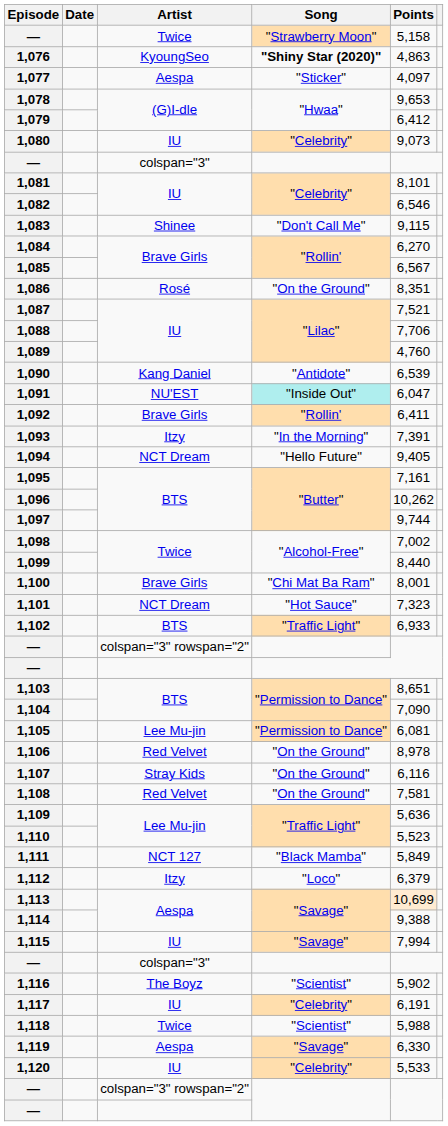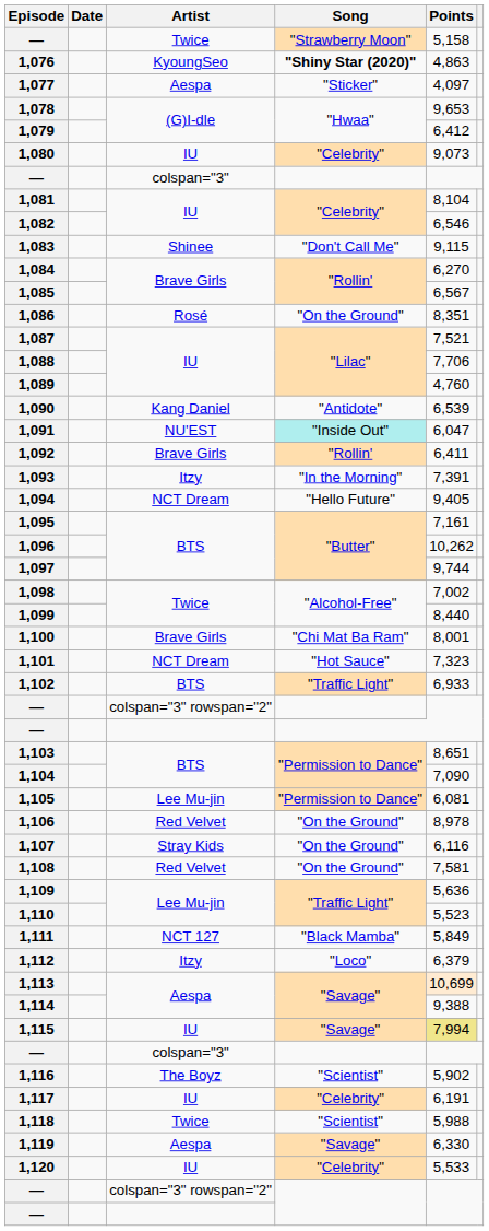 <table class="wikitable plainrowheaders sortable" style="text-align:center">
 <tr>
 <th scope="col">Episode</th>
 <th scope="col">Date</th>
 <th scope="col">Artist</th>
 <th scope="col">Song</th>
 <th scope="col">Points</th>
 <th scope="col" class="unsortable"></th>
 </tr>
 <tr>
 <th scope="row">—</th>
 <td></td>
 <td><a href='#'>Twice</a></td>
 <td style="background-color:#FFDEAD">"<a href='#'>Strawberry Moon</a>" </td>
 <td>5,158</td>
 <td></td>
 </tr>
 <tr>
 <th scope="row">1,076</th>
 <td></td>
 <td><a href='#'>KyoungSeo</a></td>
 <td><strong>"Shiny Star (2020)"</strong></td>
 <td>4,863</td>
 <td></td>
 </tr>
 <tr>
 <th scope="row">1,077</th>
 <td></td>
 <td><a href='#'>Aespa</a></td>
 <td>"<a href='#'>Sticker</a>"</td>
 <td>4,097</td>
 <td></td>
 </tr>
 <tr>
 <th scope="row">1,078</th>
 <td></td>
 <td rowspan="2" data-sort-value="GI-dle"><a href='#'>(G)I-dle</a></td>
 <td rowspan="2">"<a href='#'>Hwaa</a>"</td>
 <td>9,653</td>
 <td></td>
 </tr>
 <tr>
 <th scope="row">1,079</th>
 <td></td>
 <td>6,412</td>
 <td></td>
 </tr>
 <tr>
 <th scope="row">1,080</th>
 <td></td>
 <td><a href='#'>IU</a></td>
 <td style="background-color:#FFDEAD">"<a href='#'>Celebrity</a>" </td>
 <td>9,073</td>
 <td></td>
 </tr>
 <tr>
 <th scope="row">—</th>
 <td></td>
 <td>colspan="3" </td>
 <td></td>
 </tr>
 <tr>
 <th scope="row">1,081</th>
 <td></td>
 <td rowspan="2"><a href='#'>IU</a></td>
 <td style="background-color:#FFDEAD" rowspan="2">"<a href='#'>Celebrity</a>" </td>
-<td>8,101</td>
+<td>8,104</td>
 <td></td>
 </tr>
 <tr>
 <th scope="row">1,082</th>
 <td></td>
 <td>6,546</td>
 <td></td>
 </tr>
 <tr>
 <th scope="row">1,083</th>
 <td></td>
 <td><a href='#'>Shinee</a></td>
 <td>"<a href='#'>Don't Call Me</a>"</td>
 <td>9,115</td>
 <td></td>
 </tr>
 <tr>
 <th scope="row">1,084</th>
 <td></td>
 <td rowspan="2"><a href='#'>Brave Girls</a></td>
 <td style="background-color:#FFDEAD" rowspan="2">"<a href='#'>Rollin'</a> </td>
 <td>6,270</td>
 <td></td>
 </tr>
 <tr>
 <th scope="row">1,085</th>
 <td></td>
 <td>6,567</td>
 <td></td>
 </tr>
 <tr>
 <th scope="row">1,086</th>
 <td></td>
 <td><a href='#'>Rosé</a></td>
 <td>"<a href='#'>On the Ground</a>"</td>
 <td>8,351</td>
 <td></td>
 </tr>
 <tr>
 <th scope="row">1,087</th>
 <td></td>
 <td rowspan="3"><a href='#'>IU</a></td>
 <td rowspan="3" style="background-color:#FFDEAD">"<a href='#'>Lilac</a>" </td>
 <td>7,521</td>
 <td></td>
 </tr>
 <tr>
 <th scope="row">1,088</th>
 <td></td>
 <td>7,706</td>
 <td></td>
 </tr>
 <tr>
 <th scope="row">1,089</th>
 <td></td>
 <td>4,760</td>
 <td></td>
 </tr>
 <tr>
 <th scope="row">1,090</th>
 <td></td>
 <td><a href='#'>Kang Daniel</a></td>
 <td>"<a href='#'>Antidote</a>"</td>
 <td>6,539</td>
 <td></td>
 </tr>
 <tr>
 <th scope="row">1,091</th>
 <td></td>
 <td><a href='#'>NU'EST</a></td>
 <td style="background: paleturquoise;">"Inside Out"</td>
 <td>6,047</td>
 <td></td>
 </tr>
 <tr>
 <th scope="row">1,092</th>
 <td></td>
 <td><a href='#'>Brave Girls</a></td>
 <td style="background-color:#FFDEAD">"<a href='#'>Rollin'</a> </td>
 <td>6,411</td>
 <td></td>
 </tr>
 <tr>
 <th scope="row">1,093</th>
 <td></td>
 <td><a href='#'>Itzy</a></td>
 <td>"<a href='#'>In the Morning</a>"</td>
 <td>7,391</td>
 <td></td>
 </tr>
 <tr>
 <th scope="row">1,094</th>
 <td></td>
 <td><a href='#'>NCT Dream</a></td>
 <td>"Hello Future"</td>
 <td>9,405</td>
 <td></td>
 </tr>
 <tr>
 <th scope="row">1,095</th>
 <td></td>
 <td rowspan="3"><a href='#'>BTS</a></td>
 <td style="background-color:#FFDEAD" rowspan="3">"<a href='#'>Butter</a>" </td>
 <td>7,161</td>
 <td></td>
 </tr>
 <tr>
 <th scope="row">1,096</th>
 <td></td>
 <td>10,262</td>
 <td></td>
 </tr>
 <tr>
 <th scope="row">1,097</th>
 <td></td>
 <td>9,744</td>
 <td></td>
 </tr>
 <tr>
 <th scope="row">1,098</th>
 <td></td>
 <td rowspan="2"><a href='#'>Twice</a></td>
 <td rowspan="2">"<a href='#'>Alcohol-Free</a>"</td>
 <td>7,002</td>
 <td></td>
 </tr>
 <tr>
 <th scope="row">1,099</th>
 <td></td>
 <td>8,440</td>
 <td></td>
 </tr>
 <tr>
 <th scope="row">1,100</th>
 <td></td>
 <td><a href='#'>Brave Girls</a></td>
 <td>"<a href='#'>Chi Mat Ba Ram</a>"</td>
 <td>8,001</td>
 <td></td>
 </tr>
 <tr>
 <th scope="row">1,101</th>
 <td></td>
 <td><a href='#'>NCT Dream</a></td>
 <td>"<a href='#'>Hot Sauce</a>"</td>
 <td>7,323</td>
 <td></td>
 </tr>
 <tr>
 <th scope="row">1,102</th>
 <td></td>
 <td><a href='#'>BTS</a></td>
 <td style="background-color:#FFDEAD">"<a href='#'>Traffic Light</a>" </td>
 <td>6,933</td>
 <td></td>
 </tr>
 <tr>
 <th scope="row">—</th>
 <td></td>
 <td>colspan="3" rowspan="2" </td>
 <td></td>
 </tr>
 <tr>
 <th scope="row">—</th>
 <td></td>
 <td></td>
 </tr>
 <tr>
 <th scope="row">1,103</th>
 <td></td>
 <td rowspan="2"><a href='#'>BTS</a></td>
 <td style="background-color:#FFDEAD" rowspan="2">"<a href='#'>Permission to Dance</a>" </td>
 <td>8,651</td>
 <td></td>
 </tr>
 <tr>
 <th scope="row">1,104</th>
 <td></td>
 <td>7,090</td>
 <td></td>
 </tr>
 <tr>
 <th scope="row">1,105</th>
 <td></td>
 <td><a href='#'>Lee Mu-jin</a></td>
 <td style="background-color:#FFDEAD">"<a href='#'>Permission to Dance</a>" </td>
 <td>6,081</td>
 <td></td>
 </tr>
 <tr>
 <th scope="row">1,106</th>
 <td></td>
 <td><a href='#'>Red Velvet</a></td>
 <td>"<a href='#'>On the Ground</a>"</td>
 <td>8,978</td>
 <td></td>
 </tr>
 <tr>
 <th scope="row">1,107</th>
 <td></td>
 <td><a href='#'>Stray Kids</a></td>
 <td>"<a href='#'>On the Ground</a>"</td>
 <td>6,116</td>
 <td></td>
 </tr>
 <tr>
 <th scope="row">1,108</th>
 <td></td>
 <td><a href='#'>Red Velvet</a></td>
 <td>"<a href='#'>On the Ground</a>"</td>
 <td>7,581</td>
 <td></td>
 </tr>
 <tr>
 <th scope="row">1,109</th>
 <td></td>
 <td rowspan="2"><a href='#'>Lee Mu-jin</a></td>
 <td style="background-color:#FFDEAD" rowspan="2">"<a href='#'>Traffic Light</a>" </td>
 <td>5,636</td>
 <td></td>
 </tr>
 <tr>
 <th scope="row">1,110</th>
 <td></td>
 <td>5,523</td>
 <td></td>
 </tr>
 <tr>
 <th scope="row">1,111</th>
 <td></td>
 <td><a href='#'>NCT 127</a></td>
 <td>"<a href='#'>Black Mamba</a>"</td>
 <td>5,849</td>
 <td></td>
 </tr>
 <tr>
 <th scope="row">1,112</th>
 <td></td>
 <td><a href='#'>Itzy</a></td>
 <td>"<a href='#'>Loco</a>"</td>
 <td>6,379</td>
 <td></td>
 </tr>
 <tr>
 <th scope="row">1,113</th>
 <td></td>
 <td rowspan="2"><a href='#'>Aespa</a></td>
 <td style="background-color:#FFDEAD" rowspan="2">"<a href='#'>Savage</a>" </td>
 <td style="background-color:#FFEBD2">10,699 </td>
 <td></td>
 </tr>
 <tr>
 <th scope="row">1,114</th>
 <td></td>
 <td>9,388</td>
 <td></td>
 </tr>
 <tr>
 <th scope="row">1,115</th>
 <td></td>
 <td><a href='#'>IU</a></td>
 <td style="background-color:#FFDEAD">"<a href='#'>Savage</a>" </td>
-<td>7,994</td>
+<td style="background: khaki;">7,994</td>
 <td></td>
 </tr>
 <tr>
 <th scope="row">—</th>
 <td></td>
 <td>colspan="3" </td>
 <td></td>
 </tr>
 <tr>
 <th scope="row">1,116</th>
 <td></td>
 <td data-sort-value="Boyz, The"><a href='#'>The Boyz</a></td>
 <td>"<a href='#'>Scientist</a>"</td>
 <td>5,902</td>
 <td></td>
 </tr>
 <tr>
 <th scope="row">1,117</th>
 <td></td>
 <td><a href='#'>IU</a></td>
 <td style="background-color:#FFDEAD">"<a href='#'>Celebrity</a>" </td>
 <td>6,191</td>
 <td></td>
 </tr>
 <tr>
 <th scope="row">1,118</th>
 <td></td>
 <td><a href='#'>Twice</a></td>
 <td>"<a href='#'>Scientist</a>"</td>
 <td>5,988</td>
 <td></td>
 </tr>
 <tr>
 <th scope="row">1,119</th>
 <td></td>
 <td><a href='#'>Aespa</a></td>
 <td style="background-color:#FFDEAD">"<a href='#'>Savage</a>" </td>
 <td>6,330</td>
 <td></td>
 </tr>
 <tr>
 <th scope="row">1,120</th>
 <td></td>
 <td><a href='#'>IU</a></td>
 <td style="background-color:#FFDEAD">"<a href='#'>Celebrity</a>" </td>
 <td>5,533</td>
 <td></td>
 </tr>
 <tr>
 <th scope="row">—</th>
 <td></td>
 <td>colspan="3" rowspan="2" </td>
 <td rowspan="2"></td>
 </tr>
 <tr>
 <th scope="row">—</th>
 <td></td>
 </tr>
 </table>
